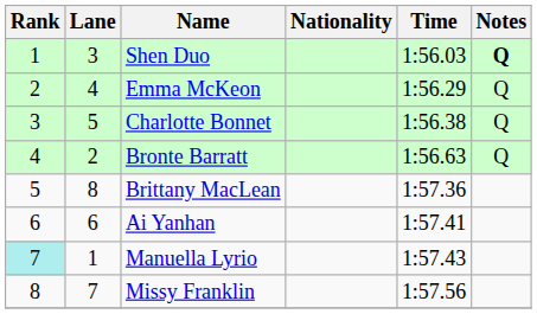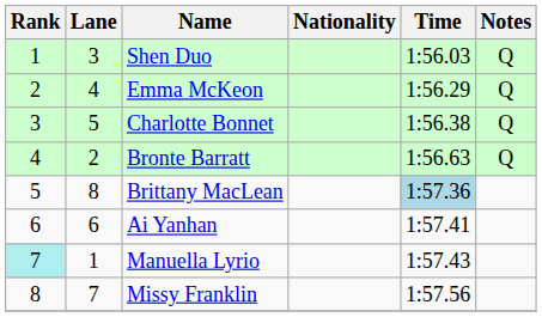 <table class="wikitable sortable" style="text-align:center">
 <tr>
 <th>Rank</th>
 <th>Lane</th>
 <th>Name</th>
 <th>Nationality</th>
 <th>Time</th>
 <th>Notes</th>
 </tr>
 <tr bgcolor=ccffcc>
 <td>1</td>
 <td>3</td>
 <td align=left><a href='#'>Shen Duo</a></td>
 <td align=left></td>
 <td>1:56.03</td>
-<td><strong>Q</strong></td>
+<td>Q</td>
 </tr>
 <tr bgcolor=ccffcc>
 <td>2</td>
 <td>4</td>
 <td align=left><a href='#'>Emma McKeon</a></td>
 <td align=left></td>
 <td>1:56.29</td>
 <td>Q</td>
 </tr>
 <tr bgcolor=ccffcc>
 <td>3</td>
 <td>5</td>
 <td align=left><a href='#'>Charlotte Bonnet</a></td>
 <td align=left></td>
 <td>1:56.38</td>
 <td>Q</td>
 </tr>
 <tr bgcolor=ccffcc>
 <td>4</td>
 <td>2</td>
 <td align=left><a href='#'>Bronte Barratt</a></td>
 <td align=left></td>
 <td>1:56.63</td>
 <td>Q</td>
 </tr>
 <tr>
 <td>5</td>
 <td>8</td>
 <td align=left><a href='#'>Brittany MacLean</a></td>
 <td align=left></td>
-<td>1:57.36</td>
+<td style="background: lightblue;">1:57.36</td>
 <td></td>
 </tr>
 <tr>
 <td>6</td>
 <td>6</td>
 <td align=left><a href='#'>Ai Yanhan</a></td>
 <td align=left></td>
 <td>1:57.41</td>
 <td></td>
 </tr>
 <tr>
 <td style="background: paleturquoise;">7</td>
 <td>1</td>
 <td align=left><a href='#'>Manuella Lyrio</a></td>
 <td align=left></td>
 <td>1:57.43</td>
 <td></td>
 </tr>
 <tr>
 <td>8</td>
 <td>7</td>
 <td align=left><a href='#'>Missy Franklin</a></td>
 <td align=left></td>
 <td>1:57.56</td>
 <td></td>
 </tr>
 <tr>
 </tr>
 </table>
